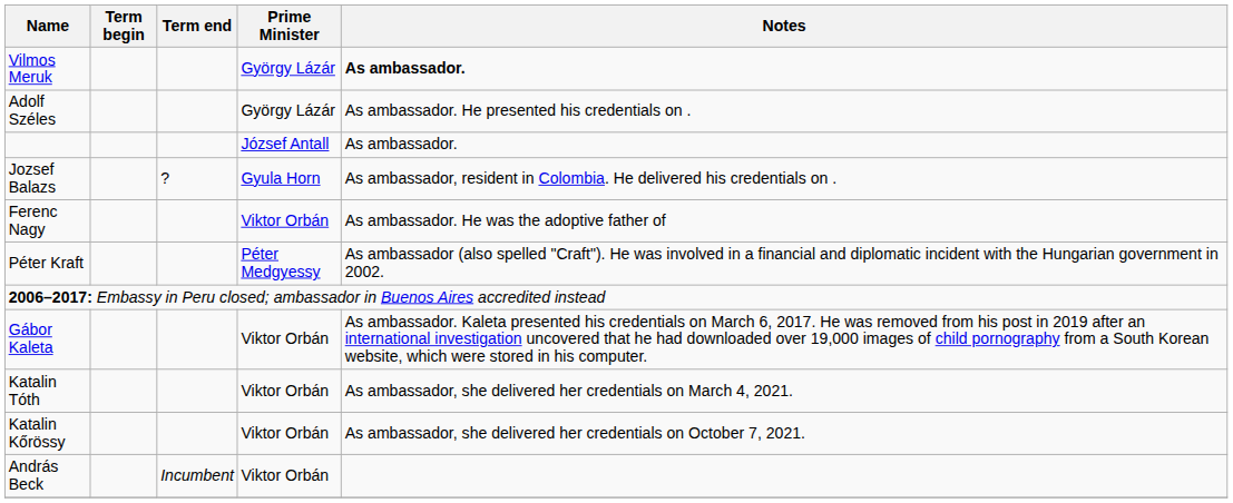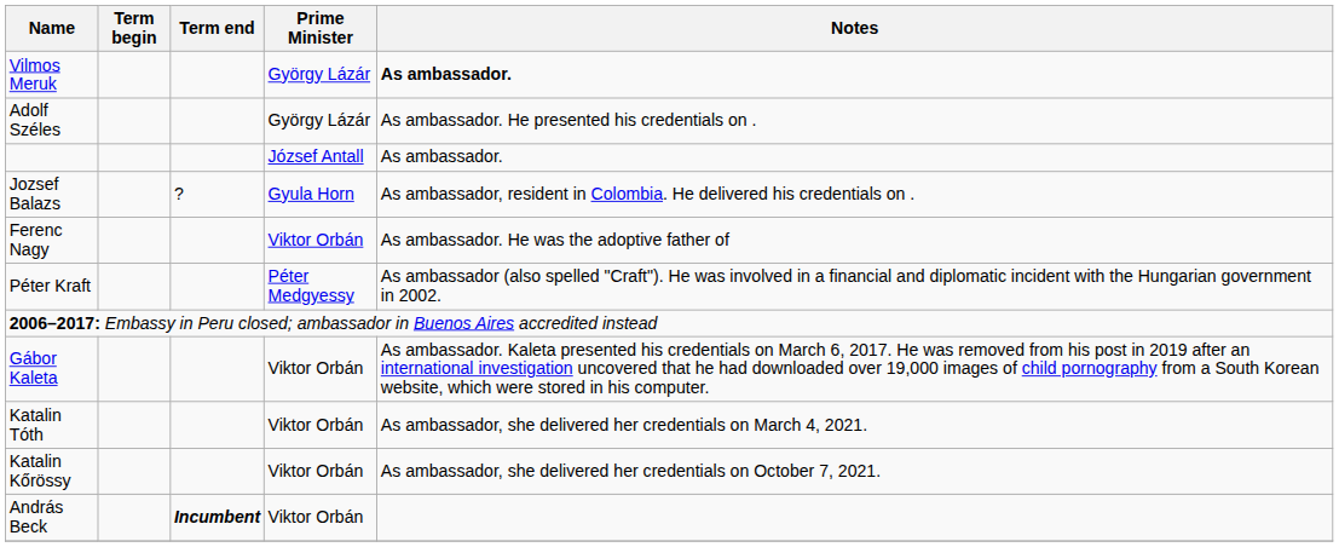 <table class="wikitable sortable"  text-align:center;">
 <tr>
 <th>Name</th>
 <th>Term begin</th>
 <th>Term end</th>
 <th>Prime Minister</th>
 <th class="unsortable">Notes</th>
 </tr>
 <tr>
 <td><a href='#'>Vilmos Meruk</a></td>
 <td></td>
 <td></td>
 <td><a href='#'>György Lázár</a></td>
 <td><strong>As ambassador.</strong></td>
 </tr>
 <tr>
 <td>Adolf Széles</td>
 <td> </td>
 <td></td>
 <td>György Lázár</td>
 <td>As ambassador. He presented his credentials on .</td>
 </tr>
 <tr>
 <td></td>
 <td></td>
 <td></td>
 <td><a href='#'>József Antall</a></td>
 <td>As ambassador.</td>
 </tr>
 <tr>
 <td>Jozsef Balazs</td>
 <td></td>
 <td>?</td>
 <td><a href='#'>Gyula Horn</a></td>
 <td>As ambassador, resident in <a href='#'>Colombia</a>. He delivered his credentials on .</td>
 </tr>
 <tr>
 <td>Ferenc Nagy</td>
 <td></td>
 <td></td>
 <td><a href='#'>Viktor Orbán</a></td>
 <td>As ambassador. He was the adoptive father of </td>
 </tr>
 <tr>
 <td>Péter Kraft</td>
 <td></td>
 <td></td>
 <td><a href='#'>Péter Medgyessy</a></td>
 <td>As ambassador (also spelled "Craft"). He was involved in a financial and diplomatic incident with the Hungarian government in 2002.</td>
 </tr>
 <tr>
 <td colspan=6><div><strong>2006–2017:</strong> <em>Embassy in Peru closed; ambassador in <a href='#'>Buenos Aires</a> accredited instead</em></div></td>
 </tr>
 <tr>
 <td><a href='#'>Gábor Kaleta</a></td>
 <td></td>
 <td></td>
 <td>Viktor Orbán</td>
 <td>As ambassador. Kaleta presented his credentials on March 6, 2017. He was removed from his post in 2019 after an <a href='#'>international investigation</a> uncovered that he had downloaded over 19,000 images of <a href='#'>child pornography</a> from a South Korean website, which were stored in his computer.</td>
 </tr>
 <tr>
 <td>Katalin Tóth</td>
 <td></td>
 <td></td>
 <td>Viktor Orbán</td>
 <td>As ambassador, she delivered her credentials on March 4, 2021.</td>
 </tr>
 <tr>
 <td>Katalin Kőrössy</td>
 <td></td>
 <td></td>
 <td>Viktor Orbán</td>
 <td>As ambassador, she delivered her credentials on October 7, 2021.</td>
 </tr>
 <tr>
 <td>András Beck</td>
 <td></td>
-<td><em>Incumbent</em></td>
+<td><strong><em>Incumbent</em></strong></td>
 <td>Viktor Orbán</td>
 <td></td>
 </tr>
 <tr>
 </tr>
 </table>
